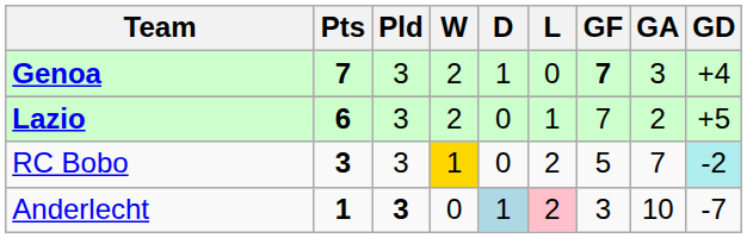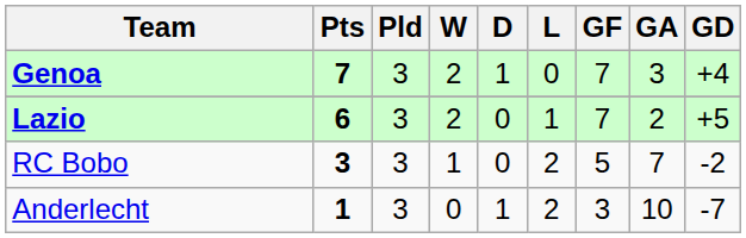 <table class=wikitable style="text-align:center">
 <tr>
 <th width=165>Team</th>
 <th width=20>Pts</th>
 <th width=20>Pld</th>
 <th width=20>W</th>
 <th width=20>D</th>
 <th width=20>L</th>
 <th width=20>GF</th>
 <th width=20>GA</th>
 <th width=20>GD</th>
 </tr>
 <tr style="background:#ccffcc">
 <td style="text-align:left"><strong> <a href='#'>Genoa</a></strong></td>
 <td><strong>7</strong></td>
 <td>3</td>
 <td>2</td>
 <td>1</td>
 <td>0</td>
-<td><strong>7</strong></td>
+<td>7</td>
 <td>3</td>
 <td>+4</td>
 </tr>
 <tr>
 </tr>
 <tr style="background:#ccffcc">
 <td style="text-align:left"><strong> <a href='#'>Lazio</a></strong></td>
 <td><strong>6</strong></td>
 <td>3</td>
 <td>2</td>
 <td>0</td>
 <td>1</td>
 <td>7</td>
 <td>2</td>
 <td>+5</td>
 </tr>
 <tr>
 <td style="text-align:left"> <a href='#'>RC Bobo</a></td>
 <td><strong>3</strong></td>
 <td>3</td>
-<td style="background: gold;">1</td>
+<td>1</td>
 <td>0</td>
 <td>2</td>
 <td>5</td>
 <td>7</td>
-<td style="background: paleturquoise;">-2</td>
+<td>-2</td>
 </tr>
 <tr>
 <td style="text-align:left"> <a href='#'>Anderlecht</a></td>
 <td><strong>1</strong></td>
-<td><strong>3</strong></td>
+<td>3</td>
 <td>0</td>
-<td style="background: lightblue;">1</td>
-<td style="background: pink;">2</td>
+<td>1</td>
+<td>2</td>
 <td>3</td>
 <td>10</td>
 <td>-7</td>
 </tr>
 </table>
